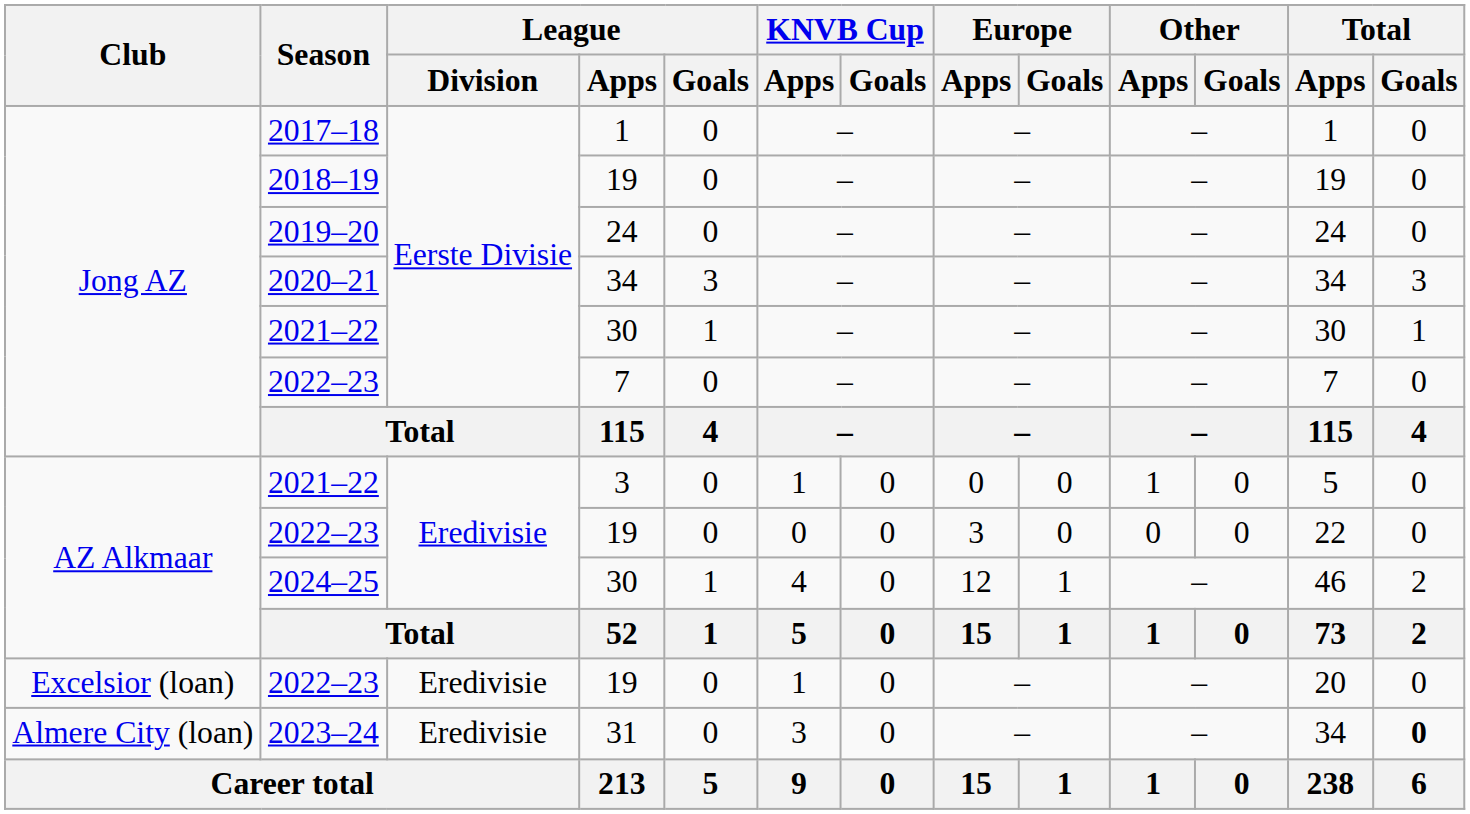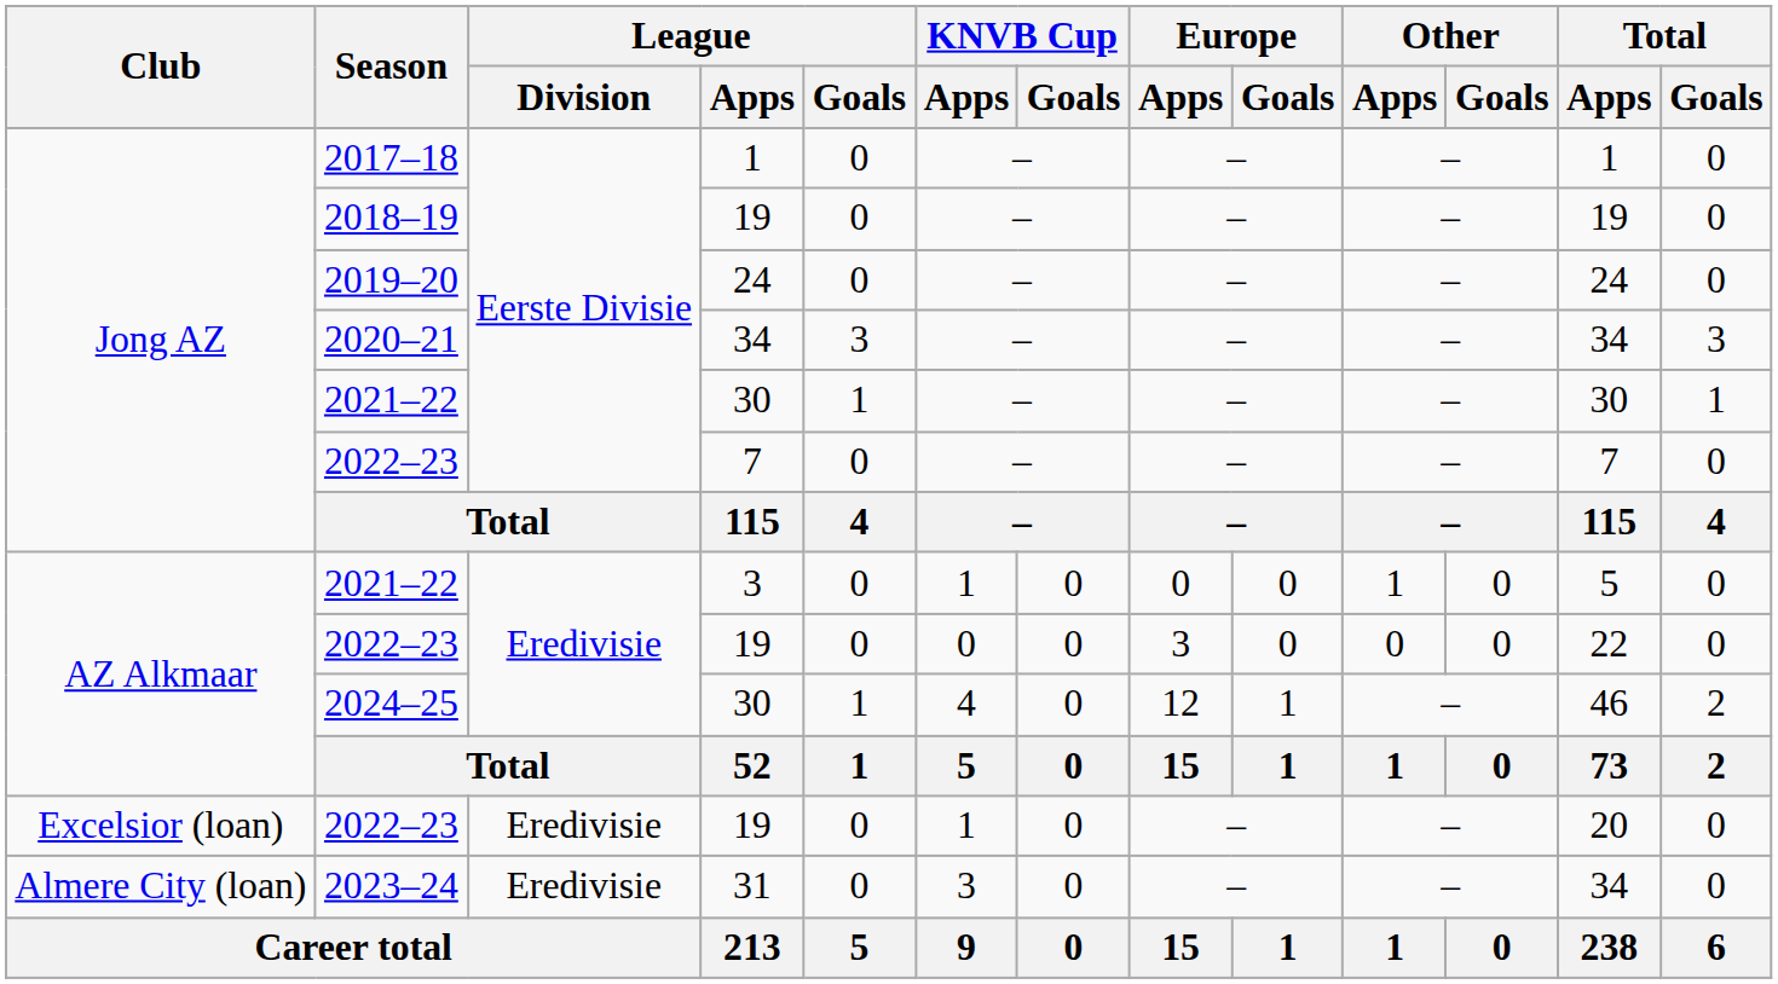 <table class="wikitable" style="text-align:center">
 <tr>
 <th rowspan="2">Club</th>
 <th rowspan="2">Season</th>
 <th colspan="3">League</th>
 <th colspan="2"><a href='#'>KNVB Cup</a></th>
 <th colspan="2">Europe</th>
 <th colspan="2">Other</th>
 <th colspan="2">Total</th>
 </tr>
 <tr>
 <th>Division</th>
 <th>Apps</th>
 <th>Goals</th>
 <th>Apps</th>
 <th>Goals</th>
 <th>Apps</th>
 <th>Goals</th>
 <th>Apps</th>
 <th>Goals</th>
 <th>Apps</th>
 <th>Goals</th>
 </tr>
 <tr>
 <td rowspan="7"><a href='#'>Jong AZ</a></td>
 <td><a href='#'>2017–18</a></td>
 <td rowspan="6"><a href='#'>Eerste Divisie</a></td>
 <td>1</td>
 <td>0</td>
 <td colspan="2">–</td>
 <td colspan="2">–</td>
 <td colspan="2">–</td>
 <td>1</td>
 <td>0</td>
 </tr>
 <tr>
 <td><a href='#'>2018–19</a></td>
 <td>19</td>
 <td>0</td>
 <td colspan="2">–</td>
 <td colspan="2">–</td>
 <td colspan="2">–</td>
 <td>19</td>
 <td>0</td>
 </tr>
 <tr>
 <td><a href='#'>2019–20</a></td>
 <td>24</td>
 <td>0</td>
 <td colspan="2">–</td>
 <td colspan="2">–</td>
 <td colspan="2">–</td>
 <td>24</td>
 <td>0</td>
 </tr>
 <tr>
 <td><a href='#'>2020–21</a></td>
 <td>34</td>
 <td>3</td>
 <td colspan="2">–</td>
 <td colspan="2">–</td>
 <td colspan="2">–</td>
 <td>34</td>
 <td>3</td>
 </tr>
 <tr>
 <td><a href='#'>2021–22</a></td>
 <td>30</td>
 <td>1</td>
 <td colspan="2">–</td>
 <td colspan="2">–</td>
 <td colspan="2">–</td>
 <td>30</td>
 <td>1</td>
 </tr>
 <tr>
 <td><a href='#'>2022–23</a></td>
 <td>7</td>
 <td>0</td>
 <td colspan="2">–</td>
 <td colspan="2">–</td>
 <td colspan="2">–</td>
 <td>7</td>
 <td>0</td>
 </tr>
 <tr>
 <th colspan="2">Total</th>
 <th>115</th>
 <th>4</th>
 <th colspan="2">–</th>
 <th colspan="2">–</th>
 <th colspan="2">–</th>
 <th>115</th>
 <th>4</th>
 </tr>
 <tr>
 <td rowspan="4"><a href='#'>AZ Alkmaar</a></td>
 <td><a href='#'>2021–22</a></td>
 <td rowspan="3"><a href='#'>Eredivisie</a></td>
 <td>3</td>
 <td>0</td>
 <td>1</td>
 <td>0</td>
 <td>0</td>
 <td>0</td>
 <td>1</td>
 <td>0</td>
 <td>5</td>
 <td>0</td>
 </tr>
 <tr>
 <td><a href='#'>2022–23</a></td>
 <td>19</td>
 <td>0</td>
 <td>0</td>
 <td>0</td>
 <td>3</td>
 <td>0</td>
 <td>0</td>
 <td>0</td>
 <td>22</td>
 <td>0</td>
 </tr>
 <tr>
 <td><a href='#'>2024–25</a></td>
 <td>30</td>
 <td>1</td>
 <td>4</td>
 <td>0</td>
 <td>12</td>
 <td>1</td>
 <td colspan="2">–</td>
 <td>46</td>
 <td>2</td>
 </tr>
 <tr>
 <th colspan="2">Total</th>
 <th>52</th>
 <th>1</th>
 <th>5</th>
 <th>0</th>
 <th>15</th>
 <th>1</th>
 <th>1</th>
 <th>0</th>
 <th>73</th>
 <th>2</th>
 </tr>
 <tr>
 <td><a href='#'>Excelsior</a> (loan)</td>
 <td><a href='#'>2022–23</a></td>
 <td>Eredivisie</td>
 <td>19</td>
 <td>0</td>
 <td>1</td>
 <td>0</td>
 <td colspan="2">–</td>
 <td colspan="2">–</td>
 <td>20</td>
 <td>0</td>
 </tr>
 <tr>
 <td><a href='#'>Almere City</a> (loan)</td>
 <td><a href='#'>2023–24</a></td>
 <td>Eredivisie</td>
 <td>31</td>
 <td>0</td>
 <td>3</td>
 <td>0</td>
 <td colspan="2">–</td>
 <td colspan="2">–</td>
 <td>34</td>
-<td><strong>0</strong></td>
+<td>0</td>
 </tr>
 <tr>
 <th colspan="3">Career total</th>
 <th>213</th>
 <th>5</th>
 <th>9</th>
 <th>0</th>
 <th>15</th>
 <th>1</th>
 <th>1</th>
 <th>0</th>
 <th>238</th>
 <th>6</th>
 </tr>
 </table>
